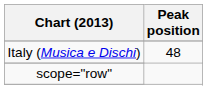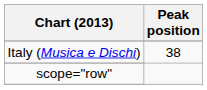 <table class="wikitable sortable" style="text-align:center">
 <tr>
 <th>Chart (2013)</th>
 <th>Peak<br>position</th>
 </tr>
 <tr>
 </tr>
 <tr>
 </tr>
 <tr>
 </tr>
 <tr>
 </tr>
 <tr>
 </tr>
 <tr>
 </tr>
 <tr>
 </tr>
 <tr>
 </tr>
 <tr>
 <td>Italy (<em><a href='#'>Musica e Dischi</a></em>)</td>
-<td>48</td>
+<td>38</td>
 </tr>
 <tr>
 </tr>
 <tr>
 </tr>
 <tr>
 </tr>
 <tr>
 <td>scope="row" </td>
 </tr>
 <tr>
 </tr>
 </table>
